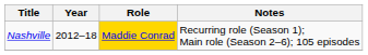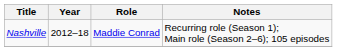 <table class="wikitable">
 <tr>
 <th scope="col">Title</th>
 <th scope="col">Year</th>
 <th scope="col">Role</th>
 <th scope="col">Notes</th>
 </tr>
 <tr>
 <td><em><a href='#'>Nashville</a></em></td>
 <td>2012–18</td>
-<td style="background: gold;"><a href='#'>Maddie Conrad</a></td>
+<td><a href='#'>Maddie Conrad</a></td>
 <td>Recurring role (Season 1);<br> Main role (Season 2–6); 105 episodes</td>
 </tr>
 <tr>
 </tr>
 </table>
